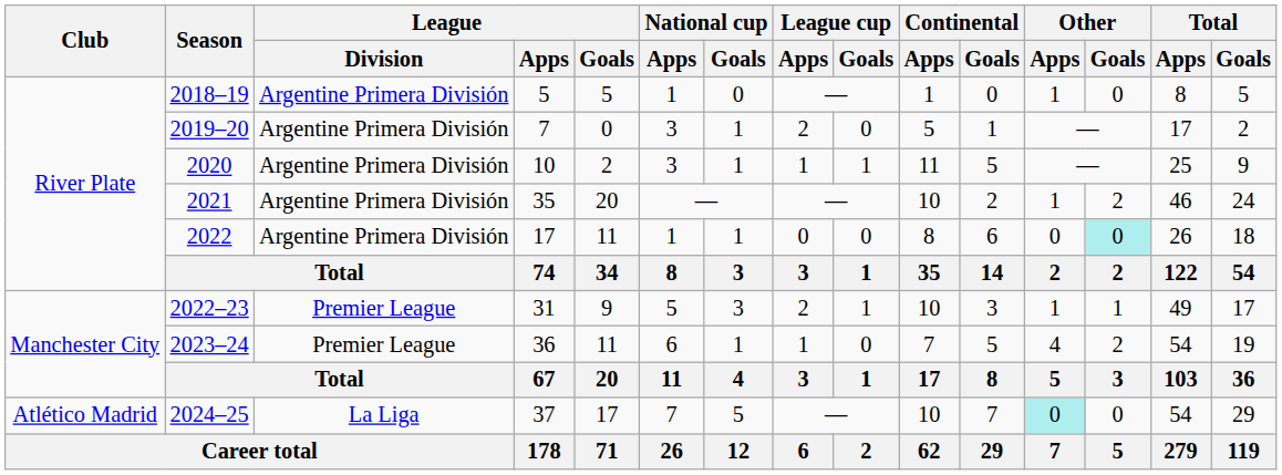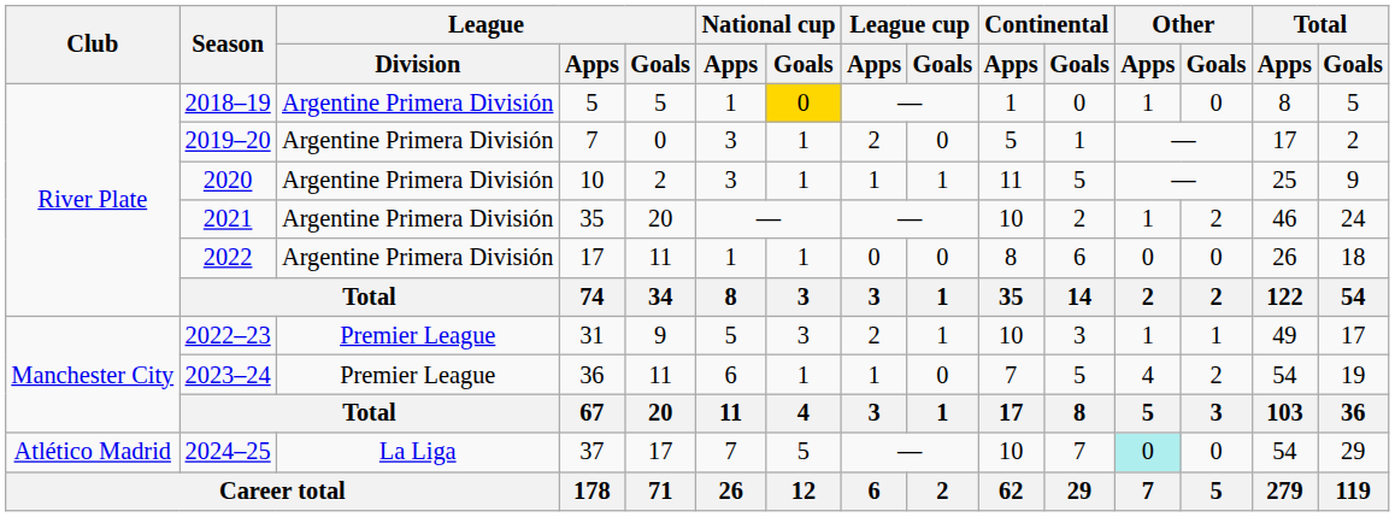 <table class="wikitable" style="text-align: center;">
 <tr>
 <th rowspan="2">Club</th>
 <th rowspan="2">Season</th>
 <th colspan="3">League</th>
 <th colspan="2">National cup</th>
 <th colspan="2">League cup</th>
 <th colspan="2">Continental</th>
 <th colspan="2">Other</th>
 <th colspan="2">Total</th>
 </tr>
 <tr>
 <th>Division</th>
 <th>Apps</th>
 <th>Goals</th>
 <th>Apps</th>
 <th>Goals</th>
 <th>Apps</th>
 <th>Goals</th>
 <th>Apps</th>
 <th>Goals</th>
 <th>Apps</th>
 <th>Goals</th>
 <th>Apps</th>
 <th>Goals</th>
 </tr>
 <tr>
 <td rowspan="6"><a href='#'>River Plate</a></td>
 <td><a href='#'>2018–19</a></td>
 <td><a href='#'>Argentine Primera División</a></td>
 <td>5</td>
 <td>5</td>
 <td>1</td>
-<td>0</td>
+<td style="background: gold;">0</td>
 <td colspan="2">—</td>
 <td>1</td>
 <td>0</td>
 <td>1</td>
 <td>0</td>
 <td>8</td>
 <td>5</td>
 </tr>
 <tr>
 <td><a href='#'>2019–20</a></td>
 <td>Argentine Primera División</td>
 <td>7</td>
 <td>0</td>
 <td>3</td>
 <td>1</td>
 <td>2</td>
 <td>0</td>
 <td>5</td>
 <td>1</td>
 <td colspan="2">—</td>
 <td>17</td>
 <td>2</td>
 </tr>
 <tr>
 <td><a href='#'>2020</a></td>
 <td>Argentine Primera División</td>
 <td>10</td>
 <td>2</td>
 <td>3</td>
 <td>1</td>
 <td>1</td>
 <td>1</td>
 <td>11</td>
 <td>5</td>
 <td colspan="2">—</td>
 <td>25</td>
 <td>9</td>
 </tr>
 <tr>
 <td><a href='#'>2021</a></td>
 <td>Argentine Primera División</td>
 <td>35</td>
 <td>20</td>
 <td colspan="2">—</td>
 <td colspan="2">—</td>
 <td>10</td>
 <td>2</td>
 <td>1</td>
 <td>2</td>
 <td>46</td>
 <td>24</td>
 </tr>
 <tr>
 <td><a href='#'>2022</a></td>
 <td>Argentine Primera División</td>
 <td>17</td>
 <td>11</td>
 <td>1</td>
 <td>1</td>
 <td>0</td>
 <td>0</td>
 <td>8</td>
 <td>6</td>
 <td>0</td>
-<td style="background: paleturquoise;">0</td>
+<td>0</td>
 <td>26</td>
 <td>18</td>
 </tr>
 <tr>
 <th colspan="2">Total</th>
 <th>74</th>
 <th>34</th>
 <th>8</th>
 <th>3</th>
 <th>3</th>
 <th>1</th>
 <th>35</th>
 <th>14</th>
 <th>2</th>
 <th>2</th>
 <th>122</th>
 <th>54</th>
 </tr>
 <tr>
 <td rowspan="3"><a href='#'>Manchester City</a></td>
 <td><a href='#'>2022–23</a></td>
 <td><a href='#'>Premier League</a></td>
 <td>31</td>
 <td>9</td>
 <td>5</td>
 <td>3</td>
 <td>2</td>
 <td>1</td>
 <td>10</td>
 <td>3</td>
 <td>1</td>
 <td>1</td>
 <td>49</td>
 <td>17</td>
 </tr>
 <tr>
 <td><a href='#'>2023–24</a></td>
 <td>Premier League</td>
 <td>36</td>
 <td>11</td>
 <td>6</td>
 <td>1</td>
 <td>1</td>
 <td>0</td>
 <td>7</td>
 <td>5</td>
 <td>4</td>
 <td>2</td>
 <td>54</td>
 <td>19</td>
 </tr>
 <tr>
 <th colspan="2">Total</th>
 <th>67</th>
 <th>20</th>
 <th>11</th>
 <th>4</th>
 <th>3</th>
 <th>1</th>
 <th>17</th>
 <th>8</th>
 <th>5</th>
 <th>3</th>
 <th>103</th>
 <th>36</th>
 </tr>
 <tr>
 <td><a href='#'>Atlético Madrid</a></td>
 <td><a href='#'>2024–25</a></td>
 <td><a href='#'>La Liga</a></td>
 <td>37</td>
 <td>17</td>
 <td>7</td>
 <td>5</td>
 <td colspan="2">—</td>
 <td>10</td>
 <td>7</td>
 <td style="background: paleturquoise;">0</td>
 <td>0</td>
 <td>54</td>
 <td>29</td>
 </tr>
 <tr>
 <th colspan="3">Career total</th>
 <th>178</th>
 <th>71</th>
 <th>26</th>
 <th>12</th>
 <th>6</th>
 <th>2</th>
 <th>62</th>
 <th>29</th>
 <th>7</th>
 <th>5</th>
 <th>279</th>
 <th>119</th>
 </tr>
 </table>
